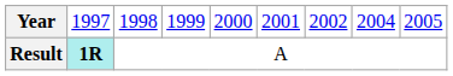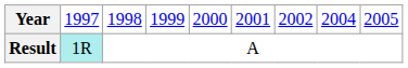 <table class="wikitable" style="text-align:center; font-size:90%; background:white">
 <tr>
 <th>Year</th>
 <td><a href='#'>1997</a></td>
 <td><a href='#'>1998</a></td>
 <td><a href='#'>1999</a></td>
 <td><a href='#'>2000</a></td>
 <td><a href='#'>2001</a></td>
 <td><a href='#'>2002</a></td>
 <td><a href='#'>2004</a></td>
 <td><a href='#'>2005</a></td>
 </tr>
 <tr>
 <th>Result</th>
-<td bgcolor="afeeee"><strong>1R</strong></td>
+<td bgcolor="afeeee">1R</td>
 <td colspan="7">A</td>
 </tr>
 </table>
